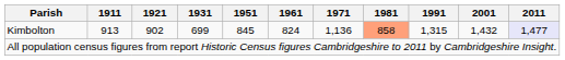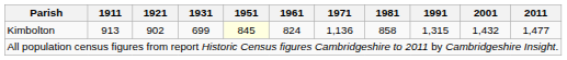 <table class="wikitable" style="text-align:center;">
 <tr>
 <th>Parish</th>
 <th>1911</th>
 <th>1921</th>
 <th>1931</th>
 <th>1951</th>
 <th>1961</th>
 <th>1971</th>
 <th>1981</th>
 <th>1991</th>
 <th>2001</th>
 <th>2011</th>
 </tr>
 <tr>
 <td align=left>Kimbolton</td>
 <td align="center">913</td>
 <td align="center">902</td>
 <td align="center">699</td>
-<td align="center">845</td>
+<td align="center" style="background: lightyellow;">845</td>
 <td align="center">824</td>
 <td align="center">1,136</td>
-<td align="center" style="background: lightsalmon;">858</td>
+<td align="center">858</td>
 <td align="center">1,315</td>
 <td align="center">1,432</td>
-<td align="center" style="background: lavender;">1,477</td>
+<td align="center">1,477</td>
 </tr>
 <tr>
 <td colspan=11>All population census figures from report <em>Historic Census figures Cambridgeshire to 2011</em> by <em>Cambridgeshire Insight</em>.</td>
 </tr>
 </table>
